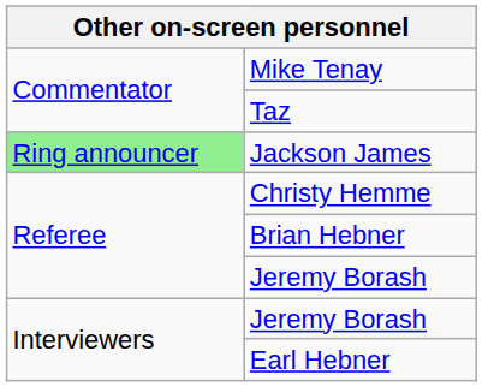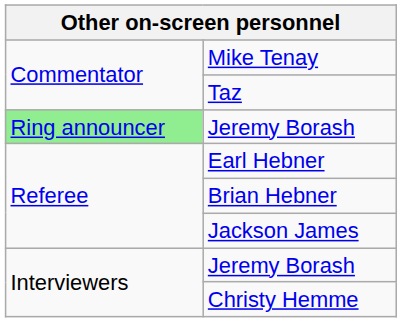 <table align="right" class="wikitable" style="border:1px; font-size:90%; margin-left:1em;">
 <tr>
 <th colspan="2" width="250"><strong>Other on-screen personnel</strong></th>
 </tr>
 <tr>
 <td rowspan=2><a href='#'>Commentator</a></td>
 <td><a href='#'>Mike Tenay</a></td>
 </tr>
 <tr>
 <td><a href='#'>Taz</a></td>
 </tr>
 <tr>
 <td style="background: lightgreen;"><a href='#'>Ring announcer</a></td>
-<td><a href='#'>Jackson James</a></td>
+<td><a href='#'>Jeremy Borash</a></td>
 </tr>
 <tr>
 <td rowspan=3><a href='#'>Referee</a></td>
-<td><a href='#'>Christy Hemme</a></td>
+<td><a href='#'>Earl Hebner</a></td>
 </tr>
 <tr>
 <td><a href='#'>Brian Hebner</a></td>
 </tr>
 <tr>
-<td><a href='#'>Jeremy Borash</a></td>
+<td><a href='#'>Jackson James</a></td>
 </tr>
 <tr>
 <td rowspan=2>Interviewers</td>
 <td><a href='#'>Jeremy Borash</a></td>
 </tr>
 <tr>
-<td><a href='#'>Earl Hebner</a></td>
+<td><a href='#'>Christy Hemme</a></td>
 </tr>
 <tr>
 </tr>
 </table>
